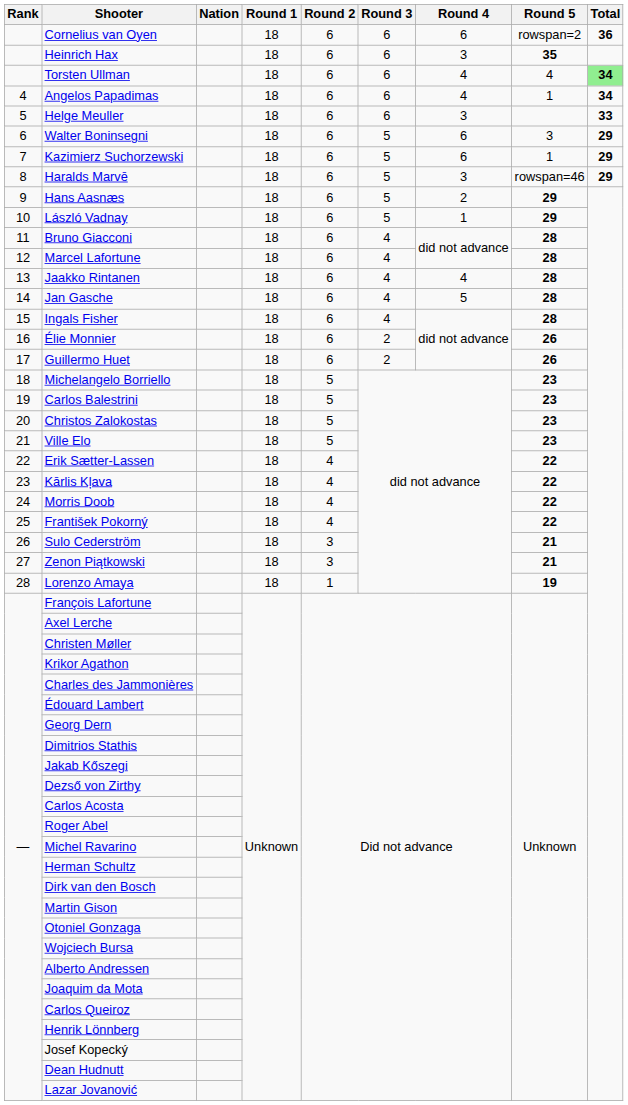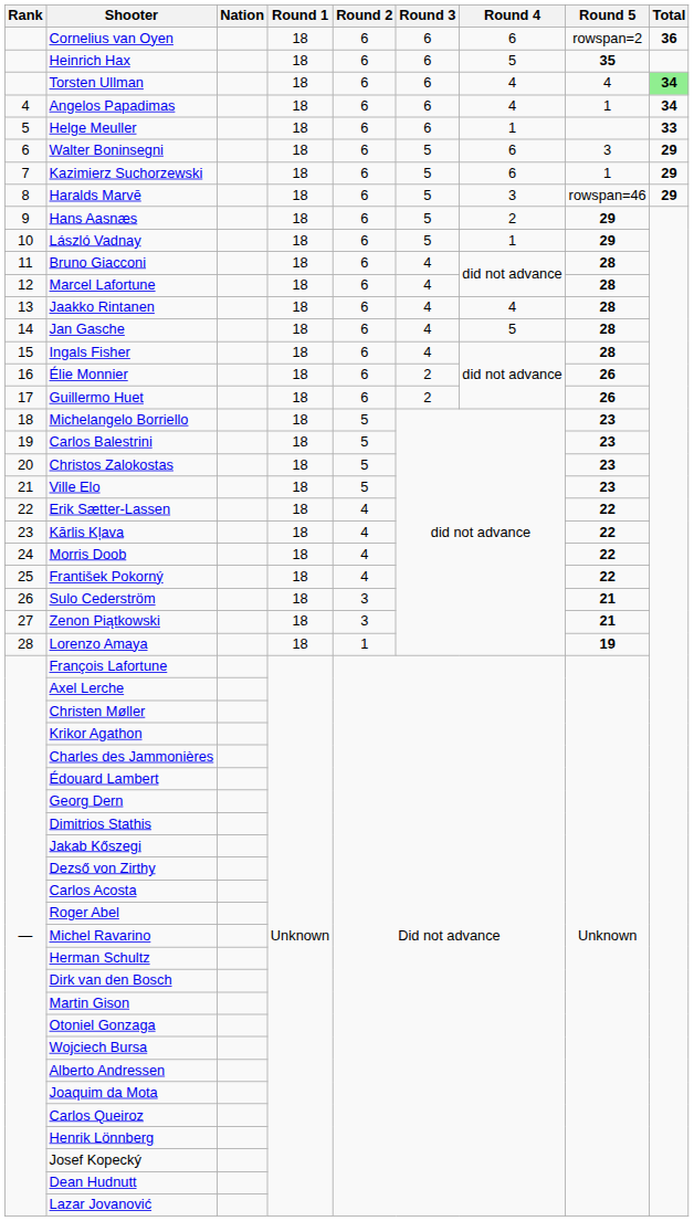 <table class="wikitable sortable" style="text-align:center">
 <tr>
 <th>Rank</th>
 <th>Shooter</th>
 <th>Nation</th>
 <th>Round 1</th>
 <th>Round 2</th>
 <th>Round 3</th>
 <th>Round 4</th>
 <th>Round 5</th>
 <th>Total</th>
 </tr>
 <tr>
 <td></td>
 <td align=left><a href='#'>Cornelius van Oyen</a></td>
 <td align=left></td>
 <td>18</td>
 <td>6</td>
 <td>6</td>
 <td>6</td>
 <td>rowspan=2 </td>
 <td><strong>36</strong></td>
 </tr>
 <tr>
 <td></td>
 <td align=left><a href='#'>Heinrich Hax</a></td>
 <td align=left></td>
 <td>18</td>
 <td>6</td>
 <td>6</td>
-<td>3</td>
+<td>5</td>
 <td><strong>35</strong></td>
 </tr>
 <tr>
 <td></td>
 <td align=left><a href='#'>Torsten Ullman</a></td>
 <td align=left></td>
 <td>18</td>
 <td>6</td>
 <td>6</td>
 <td>4</td>
 <td>4</td>
 <td style="background: lightgreen;"><strong>34</strong></td>
 </tr>
 <tr>
 <td>4</td>
 <td align=left><a href='#'>Angelos Papadimas</a></td>
 <td align=left></td>
 <td>18</td>
 <td>6</td>
 <td>6</td>
 <td>4</td>
 <td>1</td>
 <td><strong>34</strong></td>
 </tr>
 <tr>
 <td>5</td>
 <td align=left><a href='#'>Helge Meuller</a></td>
 <td align=left></td>
 <td>18</td>
 <td>6</td>
 <td>6</td>
-<td>3</td>
+<td>1</td>
 <td></td>
 <td><strong>33</strong></td>
 </tr>
 <tr>
 <td>6</td>
 <td align=left><a href='#'>Walter Boninsegni</a></td>
 <td align=left></td>
 <td>18</td>
 <td>6</td>
 <td>5</td>
 <td>6</td>
 <td>3</td>
 <td><strong>29</strong></td>
 </tr>
 <tr>
 <td>7</td>
 <td align=left><a href='#'>Kazimierz Suchorzewski</a></td>
 <td align=left></td>
 <td>18</td>
 <td>6</td>
 <td>5</td>
 <td>6</td>
 <td>1</td>
 <td><strong>29</strong></td>
 </tr>
 <tr>
 <td>8</td>
 <td align=left><a href='#'>Haralds Marvē</a></td>
 <td align=left></td>
 <td>18</td>
 <td>6</td>
 <td>5</td>
 <td>3</td>
 <td>rowspan=46 </td>
 <td><strong>29</strong></td>
 </tr>
 <tr>
 <td>9</td>
 <td align=left><a href='#'>Hans Aasnæs</a></td>
 <td align=left></td>
 <td>18</td>
 <td>6</td>
 <td>5</td>
 <td>2</td>
 <td><strong>29</strong></td>
 </tr>
 <tr>
 <td>10</td>
 <td align=left><a href='#'>László Vadnay</a></td>
 <td align=left></td>
 <td>18</td>
 <td>6</td>
 <td>5</td>
 <td>1</td>
 <td><strong>29</strong></td>
 </tr>
 <tr>
 <td>11</td>
 <td align=left><a href='#'>Bruno Giacconi</a></td>
 <td align=left></td>
 <td>18</td>
 <td>6</td>
 <td>4</td>
 <td rowspan=2>did not advance</td>
 <td><strong>28</strong></td>
 </tr>
 <tr>
 <td>12</td>
 <td align=left><a href='#'>Marcel Lafortune</a></td>
 <td align=left></td>
 <td>18</td>
 <td>6</td>
 <td>4</td>
 <td><strong>28</strong></td>
 </tr>
 <tr>
 <td>13</td>
 <td align=left><a href='#'>Jaakko Rintanen</a></td>
 <td align=left></td>
 <td>18</td>
 <td>6</td>
 <td>4</td>
 <td>4</td>
 <td><strong>28</strong></td>
 </tr>
 <tr>
 <td>14</td>
 <td align=left><a href='#'>Jan Gasche</a></td>
 <td align=left></td>
 <td>18</td>
 <td>6</td>
 <td>4</td>
 <td>5</td>
 <td><strong>28</strong></td>
 </tr>
 <tr>
 <td>15</td>
 <td align=left><a href='#'>Ingals Fisher</a></td>
 <td align=left></td>
 <td>18</td>
 <td>6</td>
 <td>4</td>
 <td rowspan=3>did not advance</td>
 <td><strong>28</strong></td>
 </tr>
 <tr>
 <td>16</td>
 <td align=left><a href='#'>Élie Monnier</a></td>
 <td align=left></td>
 <td>18</td>
 <td>6</td>
 <td>2</td>
 <td><strong>26</strong></td>
 </tr>
 <tr>
 <td>17</td>
 <td align=left><a href='#'>Guillermo Huet</a></td>
 <td align=left></td>
 <td>18</td>
 <td>6</td>
 <td>2</td>
 <td><strong>26</strong></td>
 </tr>
 <tr>
 <td>18</td>
 <td align=left><a href='#'>Michelangelo Borriello</a></td>
 <td align=left></td>
 <td>18</td>
 <td>5</td>
 <td rowspan=11 colspan=2>did not advance</td>
 <td><strong>23</strong></td>
 </tr>
 <tr>
 <td>19</td>
 <td align=left><a href='#'>Carlos Balestrini</a></td>
 <td align=left></td>
 <td>18</td>
 <td>5</td>
 <td><strong>23</strong></td>
 </tr>
 <tr>
 <td>20</td>
 <td align=left><a href='#'>Christos Zalokostas</a></td>
 <td align=left></td>
 <td>18</td>
 <td>5</td>
 <td><strong>23</strong></td>
 </tr>
 <tr>
 <td>21</td>
 <td align=left><a href='#'>Ville Elo</a></td>
 <td align=left></td>
 <td>18</td>
 <td>5</td>
 <td><strong>23</strong></td>
 </tr>
 <tr>
 <td>22</td>
 <td align=left><a href='#'>Erik Sætter-Lassen</a></td>
 <td align=left></td>
 <td>18</td>
 <td>4</td>
 <td><strong>22</strong></td>
 </tr>
 <tr>
 <td>23</td>
 <td align=left><a href='#'>Kārlis Kļava</a></td>
 <td align=left></td>
 <td>18</td>
 <td>4</td>
 <td><strong>22</strong></td>
 </tr>
 <tr>
 <td>24</td>
 <td align=left><a href='#'>Morris Doob</a></td>
 <td align=left></td>
 <td>18</td>
 <td>4</td>
 <td><strong>22</strong></td>
 </tr>
 <tr>
 <td>25</td>
 <td align=left><a href='#'>František Pokorný</a></td>
 <td align=left></td>
 <td>18</td>
 <td>4</td>
 <td><strong>22</strong></td>
 </tr>
 <tr>
 <td>26</td>
 <td align=left><a href='#'>Sulo Cederström</a></td>
 <td align=left></td>
 <td>18</td>
 <td>3</td>
 <td><strong>21</strong></td>
 </tr>
 <tr>
 <td>27</td>
 <td align=left><a href='#'>Zenon Piątkowski</a></td>
 <td align=left></td>
 <td>18</td>
 <td>3</td>
 <td><strong>21</strong></td>
 </tr>
 <tr>
 <td>28</td>
 <td align=left><a href='#'>Lorenzo Amaya</a></td>
 <td align=left></td>
 <td>18</td>
 <td>1</td>
 <td><strong>19</strong></td>
 </tr>
 <tr>
 <td rowspan=25 data-sort-value=29>—</td>
 <td align=left><a href='#'>François Lafortune</a></td>
 <td align=left></td>
 <td rowspan=25 data-sort-value=0>Unknown</td>
 <td rowspan=25 colspan=3 data-sort-value=0>Did not advance</td>
 <td rowspan=25 data-sort-value=0>Unknown</td>
 </tr>
 <tr>
 <td align=left><a href='#'>Axel Lerche</a></td>
 <td align=left></td>
 </tr>
 <tr>
 <td align=left><a href='#'>Christen Møller</a></td>
 <td align=left></td>
 </tr>
 <tr>
 <td align=left><a href='#'>Krikor Agathon</a></td>
 <td align=left></td>
 </tr>
 <tr>
 <td align=left><a href='#'>Charles des Jammonières</a></td>
 <td align=left></td>
 </tr>
 <tr>
 <td align=left><a href='#'>Édouard Lambert</a></td>
 <td align=left></td>
 </tr>
 <tr>
 <td align=left><a href='#'>Georg Dern</a></td>
 <td align=left></td>
 </tr>
 <tr>
 <td align=left><a href='#'>Dimitrios Stathis</a></td>
 <td align=left></td>
 </tr>
 <tr>
 <td align=left><a href='#'>Jakab Kőszegi</a></td>
 <td align=left></td>
 </tr>
 <tr>
 <td align=left><a href='#'>Dezső von Zirthy</a></td>
 <td align=left></td>
 </tr>
 <tr>
 <td align=left><a href='#'>Carlos Acosta</a></td>
 <td align=left></td>
 </tr>
 <tr>
 <td align=left><a href='#'>Roger Abel</a></td>
 <td align=left></td>
 </tr>
 <tr>
 <td align=left><a href='#'>Michel Ravarino</a></td>
 <td align=left></td>
 </tr>
 <tr>
 <td align=left><a href='#'>Herman Schultz</a></td>
 <td align=left></td>
 </tr>
 <tr>
 <td align=left><a href='#'>Dirk van den Bosch</a></td>
 <td align=left></td>
 </tr>
 <tr>
 <td align=left><a href='#'>Martin Gison</a></td>
 <td align=left></td>
 </tr>
 <tr>
 <td align=left><a href='#'>Otoniel Gonzaga</a></td>
 <td align=left></td>
 </tr>
 <tr>
 <td align=left><a href='#'>Wojciech Bursa</a></td>
 <td align=left></td>
 </tr>
 <tr>
 <td align=left><a href='#'>Alberto Andressen</a></td>
 <td align=left></td>
 </tr>
 <tr>
 <td align=left><a href='#'>Joaquim da Mota</a></td>
 <td align=left></td>
 </tr>
 <tr>
 <td align=left><a href='#'>Carlos Queiroz</a></td>
 <td align=left></td>
 </tr>
 <tr>
 <td align=left><a href='#'>Henrik Lönnberg</a></td>
 <td align=left></td>
 </tr>
 <tr>
 <td align=left>Josef Kopecký</td>
 <td align=left></td>
 </tr>
 <tr>
 <td align=left><a href='#'>Dean Hudnutt</a></td>
 <td align=left></td>
 </tr>
 <tr>
 <td align=left><a href='#'>Lazar Jovanović</a></td>
 <td align=left></td>
 </tr>
 </table>
